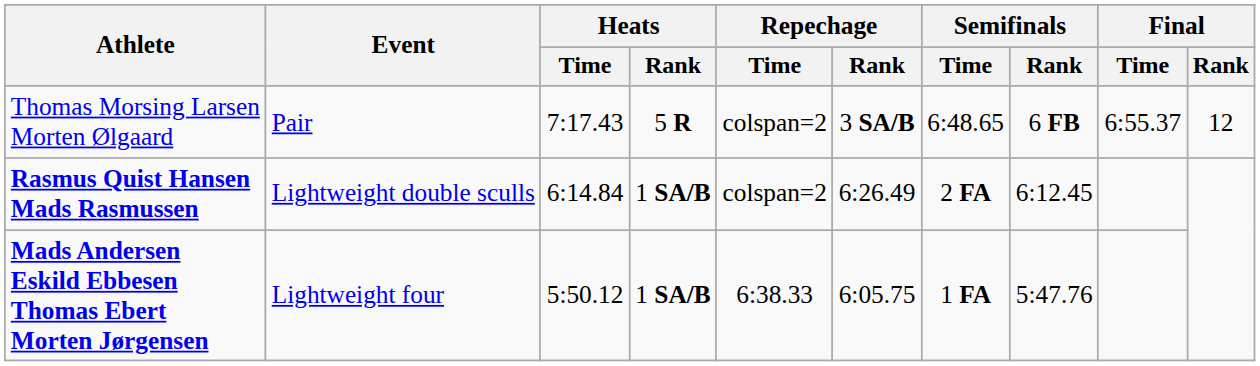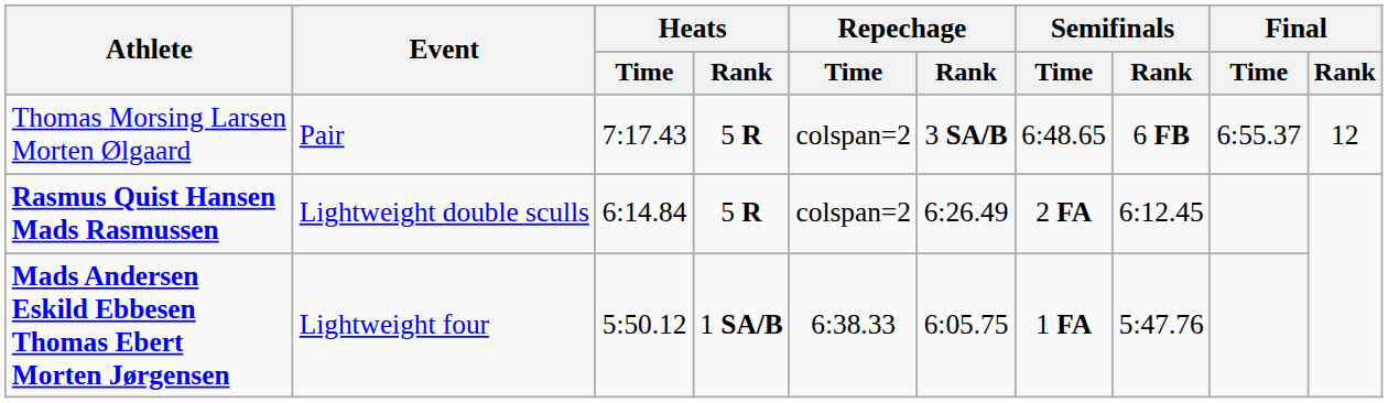 <table class="wikitable" style="font-size:90%">
 <tr>
 <th rowspan="2">Athlete</th>
 <th rowspan="2">Event</th>
 <th colspan="2">Heats</th>
 <th colspan="2">Repechage</th>
 <th colspan="2">Semifinals</th>
 <th colspan="2">Final</th>
 </tr>
 <tr style="font-size:95%">
 <th>Time</th>
 <th>Rank</th>
 <th>Time</th>
 <th>Rank</th>
 <th>Time</th>
 <th>Rank</th>
 <th>Time</th>
 <th>Rank</th>
 </tr>
 <tr align=center>
 <td align=left><a href='#'>Thomas Morsing Larsen</a><br><a href='#'>Morten Ølgaard</a></td>
 <td align=left><a href='#'>Pair</a></td>
 <td>7:17.43</td>
 <td>5 <strong>R</strong></td>
 <td>colspan=2 </td>
 <td>3 <strong>SA/B</strong></td>
 <td>6:48.65</td>
 <td>6 <strong>FB</strong></td>
 <td>6:55.37</td>
 <td>12</td>
 </tr>
 <tr align=center>
 <td align=left><strong><a href='#'>Rasmus Quist Hansen</a><br><a href='#'>Mads Rasmussen</a></strong></td>
 <td align=left><a href='#'>Lightweight double sculls</a></td>
 <td>6:14.84</td>
-<td>1 <strong>SA/B</strong></td>
+<td>5 <strong>R</strong></td>
 <td>colspan=2 </td>
 <td>6:26.49</td>
 <td>2 <strong>FA</strong></td>
 <td>6:12.45</td>
 <td></td>
 </tr>
 <tr align=center>
 <td align=left><strong><a href='#'>Mads Andersen</a><br><a href='#'>Eskild Ebbesen</a><br><a href='#'>Thomas Ebert</a><br><a href='#'>Morten Jørgensen</a></strong></td>
 <td align=left><a href='#'>Lightweight four</a></td>
 <td>5:50.12</td>
 <td>1 <strong>SA/B</strong></td>
 <td>6:38.33</td>
 <td>6:05.75</td>
 <td>1 <strong>FA</strong></td>
 <td>5:47.76</td>
 <td></td>
 </tr>
 </table>
